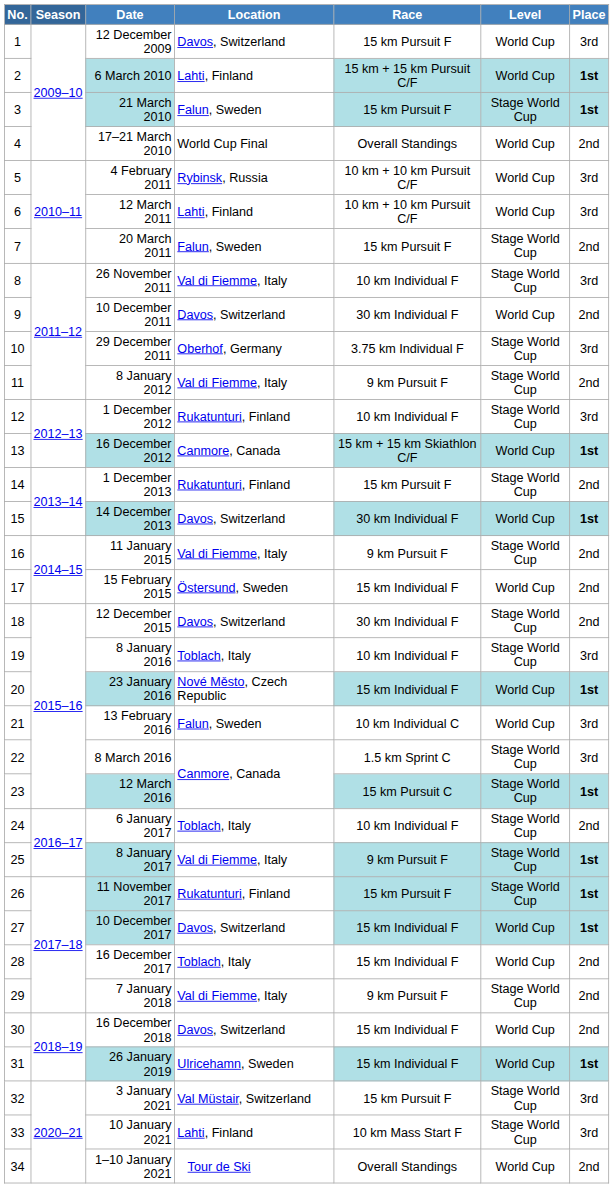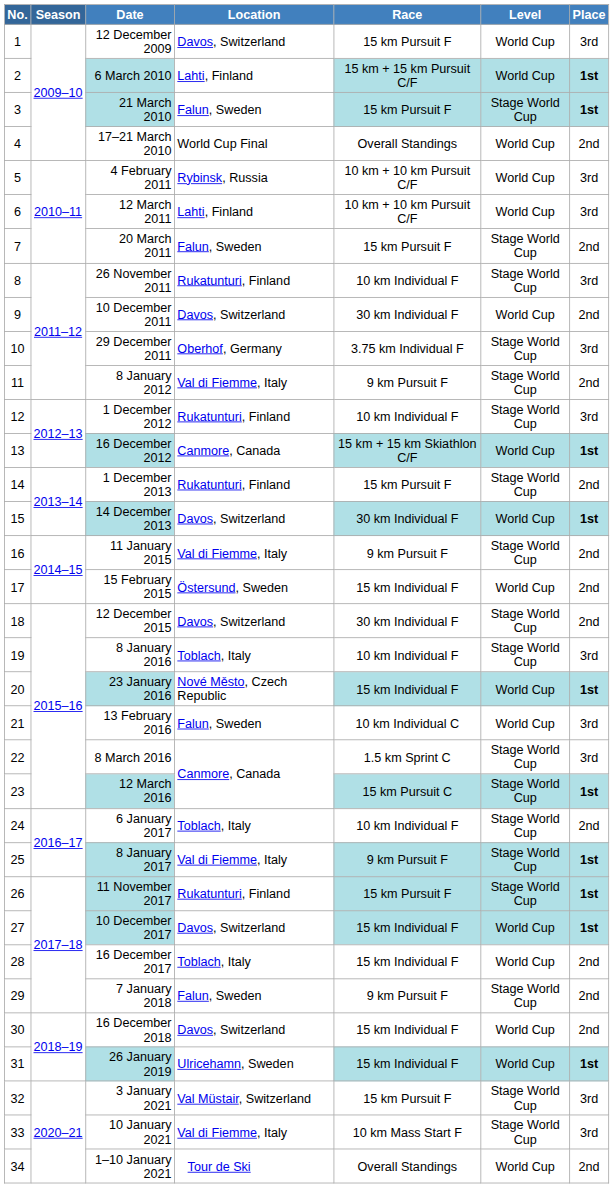 <table class="wikitable sortable" style="font-size:95%; text-align:center; border:grey solid 1px; border-collapse:collapse; background:#ffffff;">
 <tr style="background:#efefef;">
 <th style="background-color:#369; color:white;">No.</th>
 <th style="background-color:#369; color:white;">Season</th>
 <th style="background-color:#4180be; color:white; width:100px;">Date</th>
 <th style="background-color:#4180be; color:white; width:185px;">Location</th>
 <th style="background-color:#4180be; color:white; width:170px;">Race</th>
 <th style="background-color:#4180be; color:white; width:100px;">Level</th>
 <th style="background-color:#4180be; color:white;">Place</th>
 </tr>
 <tr>
 <td align=center>1</td>
 <td rowspan=4 align=center><a href='#'>2009–10</a></td>
 <td align=right>12 December 2009</td>
 <td align=left> <a href='#'>Davos</a>, Switzerland</td>
 <td>15 km Pursuit F</td>
 <td>World Cup</td>
 <td>3rd</td>
 </tr>
 <tr>
 <td align=center>2</td>
 <td bgcolor="#BOEOE6" align=right>6 March 2010</td>
 <td align=left> <a href='#'>Lahti</a>, Finland</td>
 <td bgcolor="#BOEOE6">15 km + 15 km Pursuit C/F</td>
 <td bgcolor="#BOEOE6">World Cup</td>
 <td bgcolor="#BOEOE6"><strong>1st</strong></td>
 </tr>
 <tr>
 <td align=center>3</td>
 <td bgcolor="#BOEOE6" align=right>21 March 2010</td>
 <td align=left> <a href='#'>Falun</a>, Sweden</td>
 <td bgcolor="#BOEOE6">15 km Pursuit F</td>
 <td bgcolor="#BOEOE6">Stage World Cup</td>
 <td bgcolor="#BOEOE6"><strong>1st</strong></td>
 </tr>
 <tr>
 <td align=center>4</td>
 <td align=right>17–21 March 2010</td>
 <td align=left> World Cup Final</td>
 <td>Overall Standings</td>
 <td>World Cup</td>
 <td>2nd</td>
 </tr>
 <tr>
 <td align=center>5</td>
 <td rowspan=3 align=center><a href='#'>2010–11</a></td>
 <td align=right>4 February 2011</td>
 <td align=left> <a href='#'>Rybinsk</a>, Russia</td>
 <td>10 km + 10 km Pursuit C/F</td>
 <td>World Cup</td>
 <td>3rd</td>
 </tr>
 <tr>
 <td align=center>6</td>
 <td align=right>12 March 2011</td>
 <td align=left> <a href='#'>Lahti</a>, Finland</td>
 <td>10 km + 10 km Pursuit C/F</td>
 <td>World Cup</td>
 <td>3rd</td>
 </tr>
 <tr>
 <td align=center>7</td>
 <td align=right>20 March 2011</td>
 <td align=left> <a href='#'>Falun</a>, Sweden</td>
 <td>15 km Pursuit F</td>
 <td>Stage World Cup</td>
 <td>2nd</td>
 </tr>
 <tr>
 <td align=center>8</td>
 <td rowspan=4 align=center><a href='#'>2011–12</a></td>
 <td align=right>26 November 2011</td>
-<td align=left> <a href='#'>Val di Fiemme</a>, Italy</td>
+<td align=left> <a href='#'>Rukatunturi</a>, Finland</td>
 <td>10 km Individual F</td>
 <td>Stage World Cup</td>
 <td>3rd</td>
 </tr>
 <tr>
 <td align=center>9</td>
 <td align=right>10 December 2011</td>
 <td align=left> <a href='#'>Davos</a>, Switzerland</td>
 <td>30 km Individual F</td>
 <td>World Cup</td>
 <td>2nd</td>
 </tr>
 <tr>
 <td align=center>10</td>
 <td align=right>29 December 2011</td>
 <td align=left> <a href='#'>Oberhof</a>, Germany</td>
 <td>3.75 km Individual F</td>
 <td>Stage World Cup</td>
 <td>3rd</td>
 </tr>
 <tr>
 <td align=center>11</td>
 <td align=right>8 January 2012</td>
 <td align=left> <a href='#'>Val di Fiemme</a>, Italy</td>
 <td>9 km Pursuit F</td>
 <td>Stage World Cup</td>
 <td>2nd</td>
 </tr>
 <tr>
 <td align=center>12</td>
 <td rowspan=2 align=center><a href='#'>2012–13</a></td>
 <td align=right>1 December 2012</td>
 <td align=left> <a href='#'>Rukatunturi</a>, Finland</td>
 <td>10 km Individual F</td>
 <td>Stage World Cup</td>
 <td>3rd</td>
 </tr>
 <tr>
 <td align=center>13</td>
 <td bgcolor="#BOEOE6" align=right>16 December 2012</td>
 <td align=left> <a href='#'>Canmore</a>, Canada</td>
 <td bgcolor="#BOEOE6">15 km + 15 km Skiathlon C/F</td>
 <td bgcolor="#BOEOE6">World Cup</td>
 <td bgcolor="#BOEOE6"><strong>1st</strong></td>
 </tr>
 <tr>
 <td align=center>14</td>
 <td rowspan=2 align=center><a href='#'>2013–14</a></td>
 <td align=right>1 December 2013</td>
 <td align=left> <a href='#'>Rukatunturi</a>, Finland</td>
 <td>15 km Pursuit F</td>
 <td>Stage World Cup</td>
 <td>2nd</td>
 </tr>
 <tr>
 <td align=center>15</td>
 <td bgcolor="#BOEOE6" align=right>14 December 2013</td>
 <td align=left> <a href='#'>Davos</a>, Switzerland</td>
 <td bgcolor="#BOEOE6">30 km Individual F</td>
 <td bgcolor="#BOEOE6">World Cup</td>
 <td bgcolor="#BOEOE6"><strong>1st</strong></td>
 </tr>
 <tr>
 <td align=center>16</td>
 <td rowspan=2 align=center><a href='#'>2014–15</a></td>
 <td align=right>11 January 2015</td>
 <td align=left> <a href='#'>Val di Fiemme</a>, Italy</td>
 <td>9 km Pursuit F</td>
 <td>Stage World Cup</td>
 <td>2nd</td>
 </tr>
 <tr>
 <td align=center>17</td>
 <td align=right>15 February 2015</td>
 <td align=left> <a href='#'>Östersund</a>, Sweden</td>
 <td>15 km Individual F</td>
 <td>World Cup</td>
 <td>2nd</td>
 </tr>
 <tr>
 <td align=center>18</td>
 <td rowspan=6 align=center><a href='#'>2015–16</a></td>
 <td align=right>12 December 2015</td>
 <td align=left> <a href='#'>Davos</a>, Switzerland</td>
 <td>30 km Individual F</td>
 <td>Stage World Cup</td>
 <td>2nd</td>
 </tr>
 <tr>
 <td align=center>19</td>
 <td align=right>8 January 2016</td>
 <td align=left> <a href='#'>Toblach</a>, Italy</td>
 <td>10 km Individual F</td>
 <td>Stage World Cup</td>
 <td>3rd</td>
 </tr>
 <tr>
 <td align=center>20</td>
 <td bgcolor="#BOEOE6" align=right>23 January 2016</td>
 <td align=left> <a href='#'>Nové Město</a>, Czech Republic</td>
 <td bgcolor="#BOEOE6">15 km Individual F</td>
 <td bgcolor="#BOEOE6">World Cup</td>
 <td bgcolor="#BOEOE6"><strong>1st</strong></td>
 </tr>
 <tr>
 <td align=center>21</td>
 <td align=right>13 February 2016</td>
 <td align=left> <a href='#'>Falun</a>, Sweden</td>
 <td>10 km Individual C</td>
 <td>World Cup</td>
 <td>3rd</td>
 </tr>
 <tr>
 <td align=center>22</td>
 <td align=right>8 March 2016</td>
 <td rowspan=2 align=left> <a href='#'>Canmore</a>, Canada</td>
 <td>1.5 km Sprint C</td>
 <td>Stage World Cup</td>
 <td>3rd</td>
 </tr>
 <tr>
 <td align=center>23</td>
 <td bgcolor="#BOEOE6" align=right>12 March 2016</td>
 <td bgcolor="#BOEOE6">15 km Pursuit C</td>
 <td bgcolor="#BOEOE6">Stage World Cup</td>
 <td bgcolor="#BOEOE6"><strong>1st</strong></td>
 </tr>
 <tr>
 <td align=center>24</td>
 <td rowspan=2 align=center><a href='#'>2016–17</a></td>
 <td align=right>6 January 2017</td>
 <td align=left> <a href='#'>Toblach</a>, Italy</td>
 <td>10 km Individual F</td>
 <td>Stage World Cup</td>
 <td>2nd</td>
 </tr>
 <tr>
 <td align=center>25</td>
 <td bgcolor="#BOEOE6" align=right>8 January 2017</td>
 <td align=left> <a href='#'>Val di Fiemme</a>, Italy</td>
 <td bgcolor="#BOEOE6">9 km Pursuit F</td>
 <td bgcolor="#BOEOE6">Stage World Cup</td>
 <td bgcolor="#BOEOE6"><strong>1st</strong></td>
 </tr>
 <tr>
 <td align=center>26</td>
 <td rowspan=4 align=center><a href='#'>2017–18</a></td>
 <td bgcolor="#BOEOE6" align=right>11 November 2017</td>
 <td align=left> <a href='#'>Rukatunturi</a>, Finland</td>
 <td bgcolor="#BOEOE6">15 km Pursuit F</td>
 <td bgcolor="#BOEOE6">Stage World Cup</td>
 <td bgcolor="#BOEOE6"><strong>1st</strong></td>
 </tr>
 <tr>
 <td align=center>27</td>
 <td bgcolor="#BOEOE6" align=right>10 December 2017</td>
 <td align=left> <a href='#'>Davos</a>, Switzerland</td>
 <td bgcolor="#BOEOE6">15 km Individual F</td>
 <td bgcolor="#BOEOE6">World Cup</td>
 <td bgcolor="#BOEOE6"><strong>1st</strong></td>
 </tr>
 <tr>
 <td align=center>28</td>
 <td align=right>16 December 2017</td>
 <td align=left> <a href='#'>Toblach</a>, Italy</td>
 <td>15 km Individual F</td>
 <td>World Cup</td>
 <td>2nd</td>
 </tr>
 <tr>
 <td align=center>29</td>
 <td align=right>7 January 2018</td>
-<td align=left> <a href='#'>Val di Fiemme</a>, Italy</td>
+<td align=left> <a href='#'>Falun</a>, Sweden</td>
 <td>9 km Pursuit F</td>
 <td>Stage World Cup</td>
 <td>2nd</td>
 </tr>
 <tr>
 <td align=center>30</td>
 <td rowspan=2 align=center><a href='#'>2018–19</a></td>
 <td align=right>16 December 2018</td>
 <td align=left> <a href='#'>Davos</a>, Switzerland</td>
 <td>15 km Individual F</td>
 <td>World Cup</td>
 <td>2nd</td>
 </tr>
 <tr>
 <td align=center>31</td>
 <td bgcolor="#BOEOE6" align=right>26 January 2019</td>
 <td align=left> <a href='#'>Ulricehamn</a>, Sweden</td>
 <td bgcolor="#BOEOE6">15 km Individual F</td>
 <td bgcolor="#BOEOE6">World Cup</td>
 <td bgcolor="#BOEOE6"><strong>1st</strong></td>
 </tr>
 <tr>
 <td align=center>32</td>
 <td rowspan=3 align=center><a href='#'>2020–21</a></td>
 <td align=right>3 January 2021</td>
 <td align=left> <a href='#'>Val Müstair</a>, Switzerland</td>
 <td>15 km Pursuit F</td>
 <td>Stage World Cup</td>
 <td>3rd</td>
 </tr>
 <tr>
 <td align=center>33</td>
 <td align=right>10 January 2021</td>
-<td align=left> <a href='#'>Lahti</a>, Finland</td>
+<td align=left> <a href='#'>Val di Fiemme</a>, Italy</td>
 <td>10 km Mass Start F</td>
 <td>Stage World Cup</td>
 <td>3rd</td>
 </tr>
 <tr>
 <td align=center>34</td>
 <td align="right">1–10 January 2021</td>
 <td align="left">   <a href='#'>Tour de Ski</a></td>
 <td>Overall Standings</td>
 <td>World Cup</td>
 <td>2nd</td>
 </tr>
 </table>
